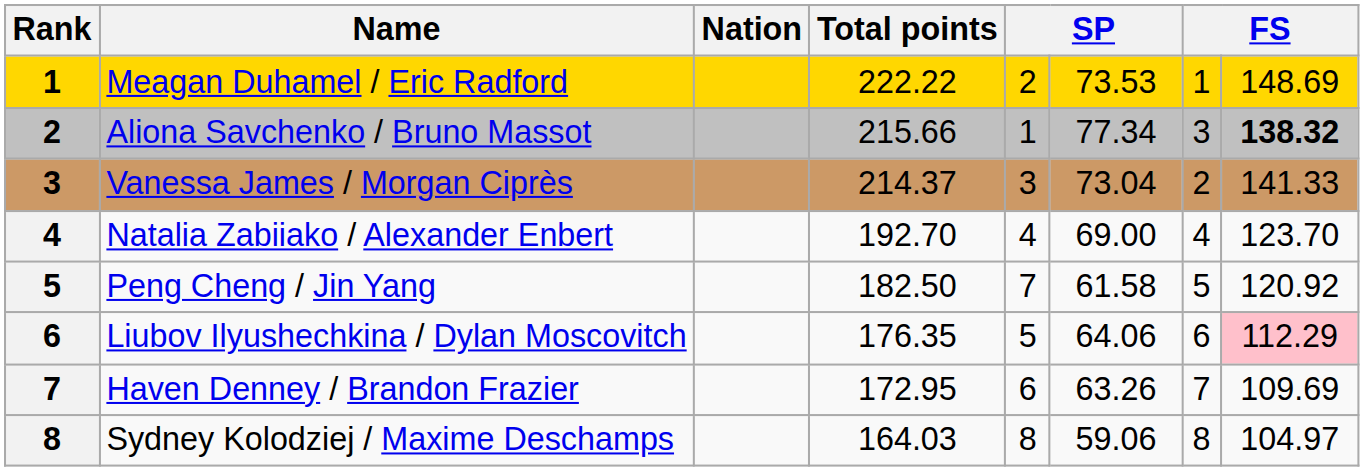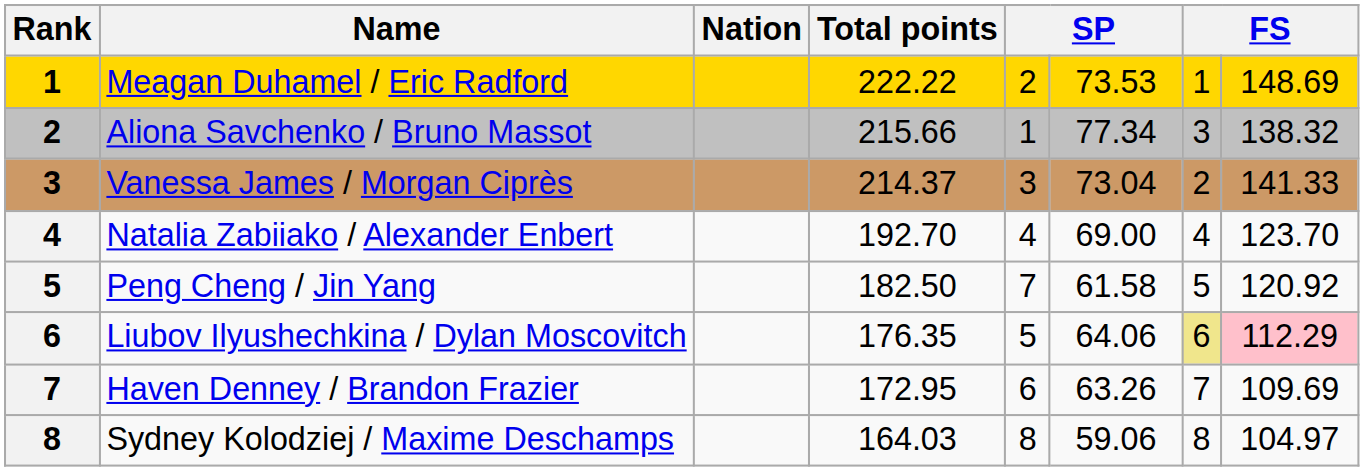 <table class="wikitable sortable">
 <tr>
 <th>Rank</th>
 <th>Name</th>
 <th>Nation</th>
 <th>Total points</th>
 <th colspan="2" width="80px"><a href='#'>SP</a></th>
 <th colspan="2" width="80px"><a href='#'>FS</a></th>
 </tr>
 <tr bgcolor="gold">
 <td align="center"><strong>1</strong></td>
 <td><a href='#'>Meagan Duhamel</a> / <a href='#'>Eric Radford</a></td>
 <td></td>
 <td align="center">222.22</td>
 <td align="center">2</td>
 <td align="center">73.53</td>
 <td align="center">1</td>
 <td align="center">148.69</td>
 </tr>
 <tr bgcolor="silver">
 <td align="center"><strong>2</strong></td>
 <td><a href='#'>Aliona Savchenko</a> / <a href='#'>Bruno Massot</a></td>
 <td></td>
 <td align="center">215.66</td>
 <td align="center">1</td>
 <td align="center">77.34</td>
 <td align="center">3</td>
-<td align="center"><strong>138.32</strong></td>
+<td align="center">138.32</td>
 </tr>
 <tr bgcolor="cc9966">
 <td align="center"><strong>3</strong></td>
 <td><a href='#'>Vanessa James</a> / <a href='#'>Morgan Ciprès</a></td>
 <td></td>
 <td align="center">214.37</td>
 <td align="center">3</td>
 <td align="center">73.04</td>
 <td align="center">2</td>
 <td align="center">141.33</td>
 </tr>
 <tr>
 <th>4</th>
 <td><a href='#'>Natalia Zabiiako</a> / <a href='#'>Alexander Enbert</a></td>
 <td></td>
 <td align="center">192.70</td>
 <td align="center">4</td>
 <td align="center">69.00</td>
 <td align="center">4</td>
 <td align="center">123.70</td>
 </tr>
 <tr>
 <th>5</th>
 <td><a href='#'>Peng Cheng</a> / <a href='#'>Jin Yang</a></td>
 <td></td>
 <td align="center">182.50</td>
 <td align="center">7</td>
 <td align="center">61.58</td>
 <td align="center">5</td>
 <td align="center">120.92</td>
 </tr>
 <tr>
 <th>6</th>
 <td><a href='#'>Liubov Ilyushechkina</a> / <a href='#'>Dylan Moscovitch</a></td>
 <td></td>
 <td align="center">176.35</td>
 <td align="center">5</td>
 <td align="center">64.06</td>
-<td align="center">6</td>
+<td align="center" style="background: khaki;">6</td>
 <td align="center" style="background: pink;">112.29</td>
 </tr>
 <tr>
 <th>7</th>
 <td><a href='#'>Haven Denney</a> / <a href='#'>Brandon Frazier</a></td>
 <td></td>
 <td align="center">172.95</td>
 <td align="center">6</td>
 <td align="center">63.26</td>
 <td align="center">7</td>
 <td align="center">109.69</td>
 </tr>
 <tr>
 <th>8</th>
 <td>Sydney Kolodziej / <a href='#'>Maxime Deschamps</a></td>
 <td></td>
 <td align="center">164.03</td>
 <td align="center">8</td>
 <td align="center">59.06</td>
 <td align="center">8</td>
 <td align="center">104.97</td>
 </tr>
 </table>
